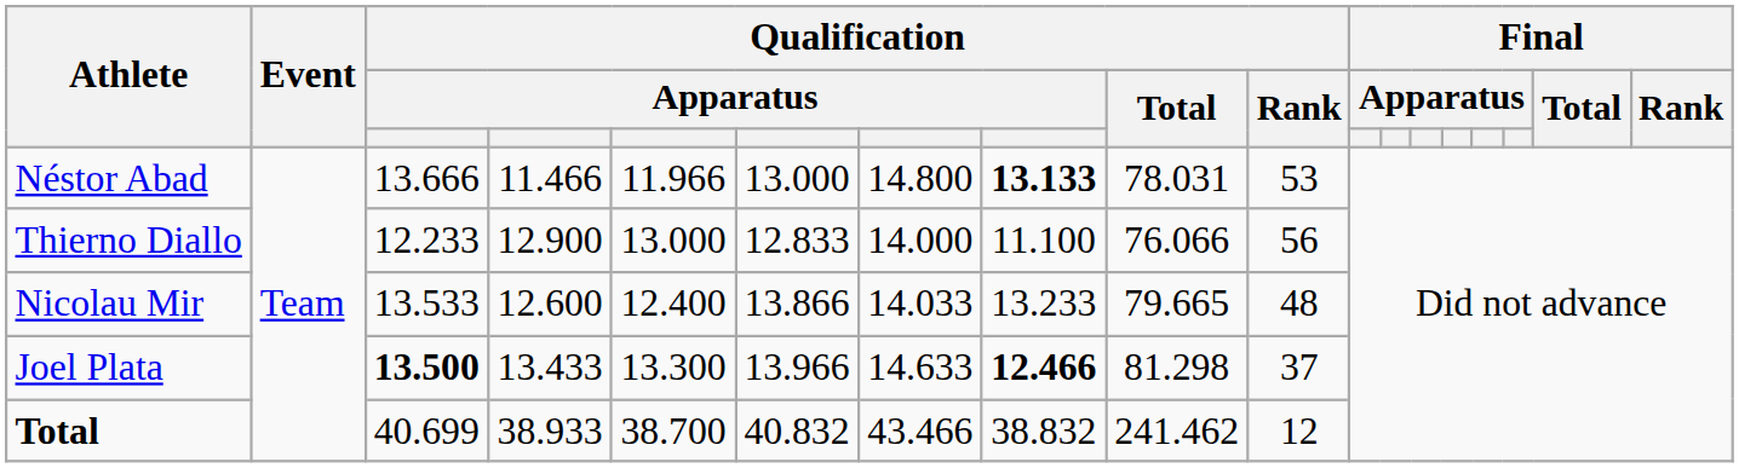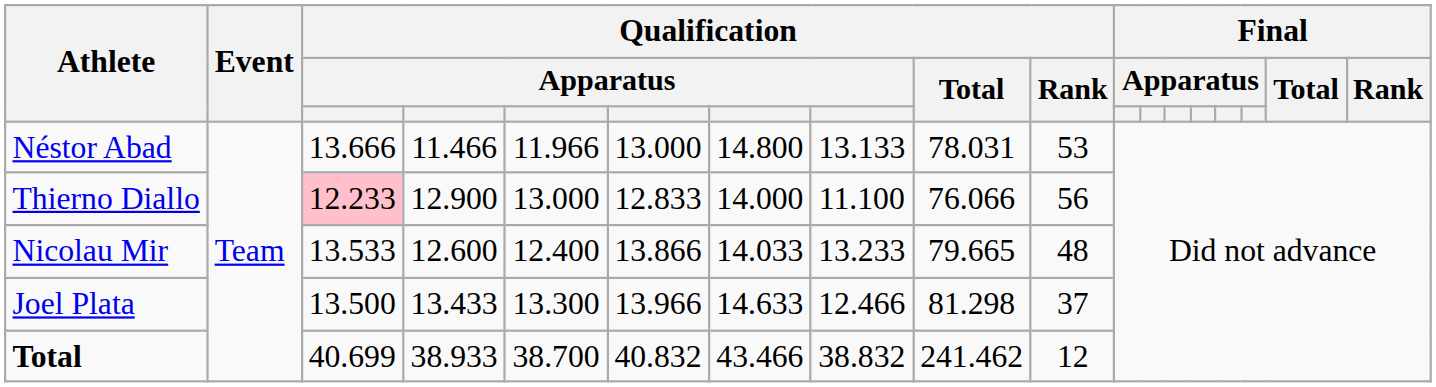 <table class="wikitable" style="font-size:90%">
 <tr>
 <th rowspan=3>Athlete</th>
 <th rowspan=3>Event</th>
 <th colspan =8>Qualification</th>
 <th colspan =8>Final</th>
 </tr>
 <tr style="font-size:95%">
 <th colspan=6>Apparatus</th>
 <th rowspan=2>Total</th>
 <th rowspan=2>Rank</th>
 <th colspan=6>Apparatus</th>
 <th rowspan=2>Total</th>
 <th rowspan=2>Rank</th>
 </tr>
 <tr style="font-size:95%">
 <th></th>
 <th></th>
 <th></th>
 <th></th>
 <th></th>
 <th></th>
 <th></th>
 <th></th>
 <th></th>
 <th></th>
 <th></th>
 <th></th>
 </tr>
 <tr align=center>
 <td align=left><a href='#'>Néstor Abad</a></td>
 <td align=left rowspan=5><a href='#'>Team</a></td>
 <td>13.666</td>
 <td>11.466</td>
 <td>11.966</td>
 <td>13.000</td>
 <td>14.800</td>
-<td><strong>13.133</strong></td>
+<td>13.133</td>
 <td>78.031</td>
 <td>53</td>
 <td colspan=8 rowspan=5>Did not advance</td>
 </tr>
 <tr align=center>
 <td align=left><a href='#'>Thierno Diallo</a></td>
-<td>12.233</td>
+<td style="background: pink;">12.233</td>
 <td>12.900</td>
 <td>13.000</td>
 <td>12.833</td>
 <td>14.000</td>
 <td>11.100</td>
 <td>76.066</td>
 <td>56</td>
 </tr>
 <tr align=center>
 <td align=left><a href='#'>Nicolau Mir</a></td>
 <td>13.533</td>
 <td>12.600</td>
 <td>12.400</td>
 <td>13.866</td>
 <td>14.033</td>
 <td>13.233</td>
 <td>79.665</td>
 <td>48</td>
 </tr>
 <tr align=center>
 <td align=left><a href='#'>Joel Plata</a></td>
-<td><strong>13.500</strong></td>
+<td>13.500</td>
 <td>13.433</td>
 <td>13.300</td>
 <td>13.966</td>
 <td>14.633</td>
-<td><strong>12.466</strong></td>
+<td>12.466</td>
 <td>81.298</td>
 <td>37</td>
 </tr>
 <tr align=center>
 <td align=left><strong>Total</strong></td>
 <td>40.699</td>
 <td>38.933</td>
 <td>38.700</td>
 <td>40.832</td>
 <td>43.466</td>
 <td>38.832</td>
 <td>241.462</td>
 <td>12</td>
 </tr>
 </table>
